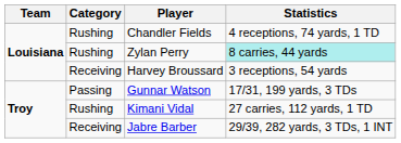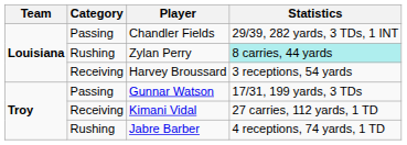 <table class="wikitable" style="float: left;">
 <tr>
 <th>Team</th>
 <th>Category</th>
 <th>Player</th>
 <th>Statistics</th>
 </tr>
 <tr>
 <td rowspan=3><strong>Louisiana</strong></td>
-<td>Rushing</td>
+<td>Passing</td>
 <td>Chandler Fields</td>
-<td>4 receptions, 74 yards, 1 TD</td>
+<td>29/39, 282 yards, 3 TDs, 1 INT</td>
 </tr>
 <tr>
 <td>Rushing</td>
 <td>Zylan Perry</td>
 <td style="background: paleturquoise;">8 carries, 44 yards</td>
 </tr>
 <tr>
 <td>Receiving</td>
 <td>Harvey Broussard</td>
 <td>3 receptions, 54 yards</td>
 </tr>
 <tr>
 <td rowspan=3><strong>Troy</strong></td>
 <td>Passing</td>
 <td><a href='#'>Gunnar Watson</a></td>
 <td>17/31, 199 yards, 3 TDs</td>
 </tr>
 <tr>
-<td>Rushing</td>
+<td>Receiving</td>
 <td><a href='#'>Kimani Vidal</a></td>
 <td>27 carries, 112 yards, 1 TD</td>
 </tr>
 <tr>
-<td>Receiving</td>
+<td>Rushing</td>
 <td><a href='#'>Jabre Barber</a></td>
-<td>29/39, 282 yards, 3 TDs, 1 INT</td>
+<td>4 receptions, 74 yards, 1 TD</td>
 </tr>
 </table>
